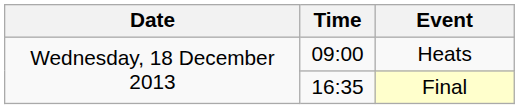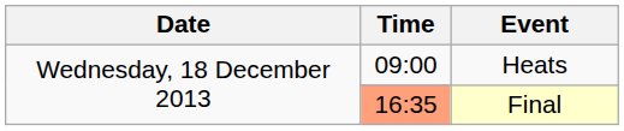 <table class = "wikitable" style="text-align:center;">
 <tr>
 <th width=220>Date</th>
 <th width=50>Time</th>
 <th width=100>Event</th>
 </tr>
 <tr>
 <td rowspan=2>Wednesday, 18 December 2013</td>
 <td>09:00</td>
 <td>Heats</td>
 </tr>
 <tr>
-<td>16:35</td>
+<td style="background: lightsalmon;">16:35</td>
 <td bgcolor=ffffcc>Final</td>
 </tr>
 </table>
